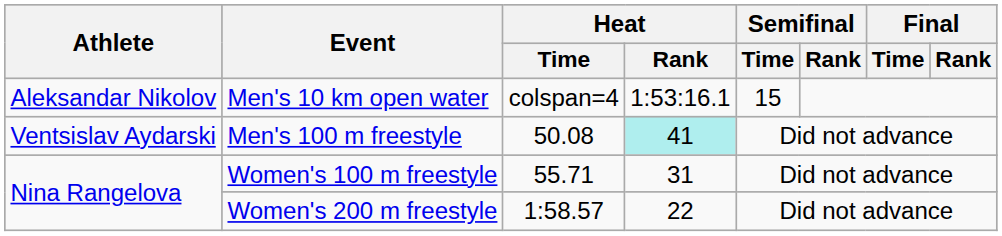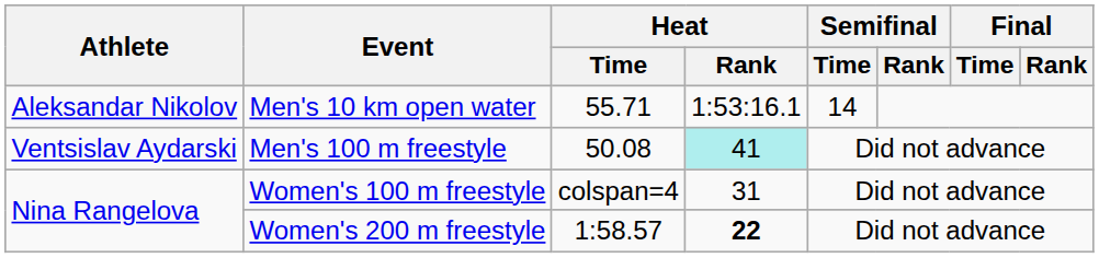 <table class=wikitable style="font-size:90%">
 <tr>
 <th rowspan="2">Athlete</th>
 <th rowspan="2">Event</th>
 <th colspan="2">Heat</th>
 <th colspan="2">Semifinal</th>
 <th colspan="2">Final</th>
 </tr>
 <tr style="font-size:95%">
 <th>Time</th>
 <th>Rank</th>
 <th>Time</th>
 <th>Rank</th>
 <th>Time</th>
 <th>Rank</th>
 </tr>
 <tr align=center>
 <td align=left><a href='#'>Aleksandar Nikolov</a></td>
 <td align=left><a href='#'>Men's 10 km open water</a></td>
-<td>colspan=4 </td>
+<td>55.71</td>
 <td>1:53:16.1</td>
-<td>15</td>
+<td>14</td>
 </tr>
 <tr align=center>
 <td align=left><a href='#'>Ventsislav Aydarski</a></td>
 <td align=left><a href='#'>Men's 100 m freestyle</a></td>
 <td>50.08</td>
 <td style="background: paleturquoise;">41</td>
 <td colspan=4>Did not advance</td>
 </tr>
 <tr align=center>
 <td align=left rowspan=2><a href='#'>Nina Rangelova</a></td>
 <td align=left><a href='#'>Women's 100 m freestyle</a></td>
-<td>55.71</td>
+<td>colspan=4 </td>
 <td>31</td>
 <td colspan=4>Did not advance</td>
 </tr>
 <tr align=center>
 <td align=left><a href='#'>Women's 200 m freestyle</a></td>
 <td>1:58.57</td>
-<td>22</td>
+<td><strong>22</strong></td>
 <td colspan=4>Did not advance</td>
 </tr>
 </table>
